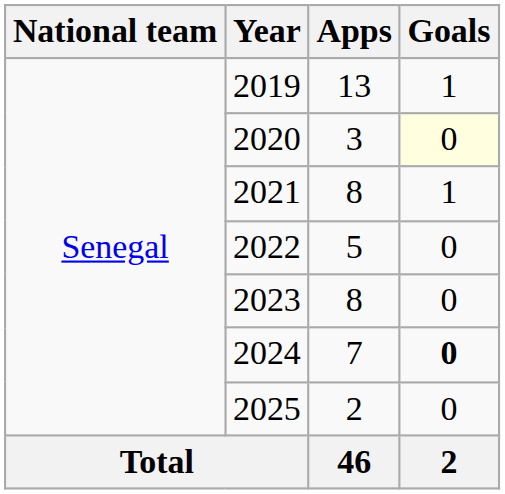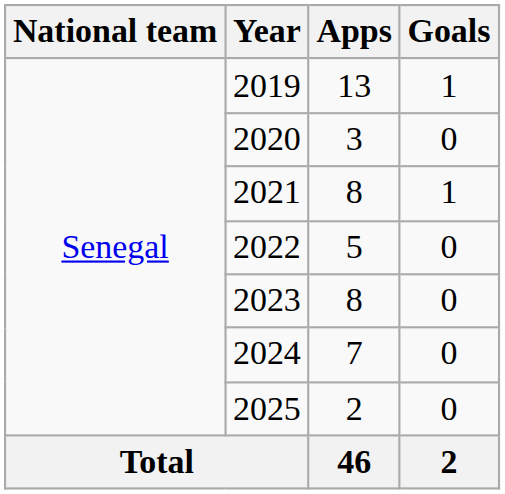 <table class="wikitable" style="text-align:center">
 <tr>
 <th>National team</th>
 <th>Year</th>
 <th>Apps</th>
 <th>Goals</th>
 </tr>
 <tr>
 <td rowspan="7"><a href='#'>Senegal</a></td>
 <td>2019</td>
 <td>13</td>
 <td>1</td>
 </tr>
 <tr>
 <td>2020</td>
 <td>3</td>
-<td style="background: lightyellow;">0</td>
+<td>0</td>
 </tr>
 <tr>
 <td>2021</td>
 <td>8</td>
 <td>1</td>
 </tr>
 <tr>
 <td>2022</td>
 <td>5</td>
 <td>0</td>
 </tr>
 <tr>
 <td>2023</td>
 <td>8</td>
 <td>0</td>
 </tr>
 <tr>
 <td>2024</td>
 <td>7</td>
-<td><strong>0</strong></td>
+<td>0</td>
 </tr>
 <tr>
 <td>2025</td>
 <td>2</td>
 <td>0</td>
 </tr>
 <tr>
 <th colspan="2">Total</th>
 <th>46</th>
 <th>2</th>
 </tr>
 </table>
